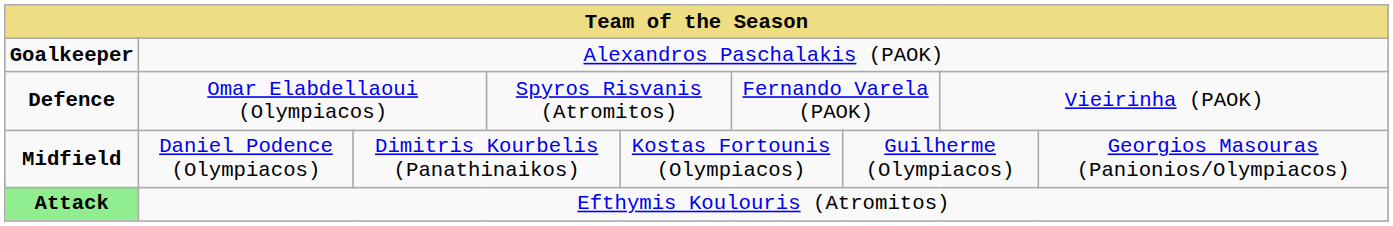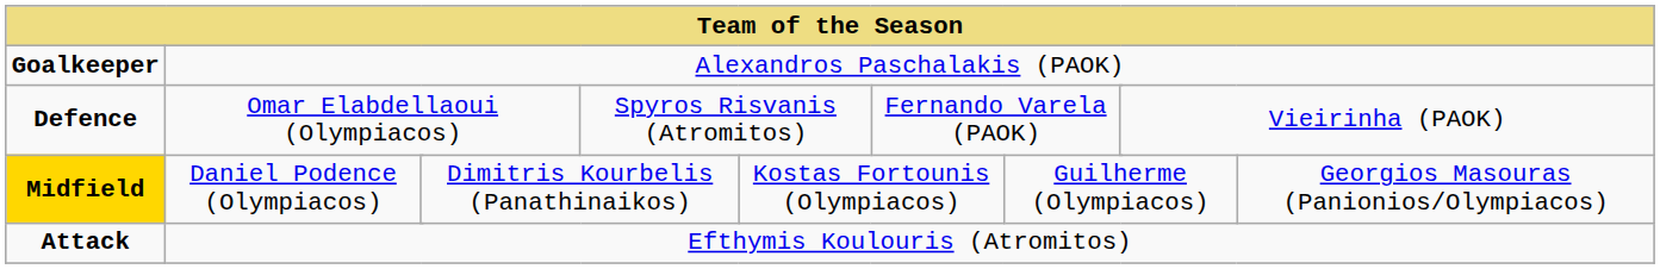 <table class="wikitable" style="text-align:center">
 <tr>
 <th colspan="21" style="background-color: #eedd82">Team of the Season</th>
 </tr>
 <tr>
 <td><strong>Goalkeeper</strong></td>
 <td colspan="20"> <a href='#'>Alexandros Paschalakis</a> (PAOK)</td>
 </tr>
 <tr>
 <td><strong>Defence</strong></td>
 <td colspan="5"> <a href='#'>Omar Elabdellaoui</a> (Olympiacos)</td>
 <td colspan="5"> <a href='#'>Spyros Risvanis</a> (Atromitos)</td>
 <td colspan="5"> <a href='#'>Fernando Varela</a> (PAOK)</td>
 <td colspan="5"> <a href='#'>Vieirinha</a> (PAOK)</td>
 </tr>
 <tr>
-<td><strong>Midfield</strong></td>
+<td style="background: gold;"><strong>Midfield</strong></td>
 <td colspan="4"> <a href='#'>Daniel Podence</a> (Olympiacos)</td>
 <td colspan="4"> <a href='#'>Dimitris Kourbelis</a> (Panathinaikos)</td>
 <td colspan="4"> <a href='#'>Kostas Fortounis</a> (Olympiacos)</td>
 <td colspan="4"> <a href='#'>Guilherme</a> (Olympiacos)</td>
 <td colspan="4"> <a href='#'>Georgios Masouras</a> (Panionios/Olympiacos)</td>
 </tr>
 <tr>
-<td style="background: lightgreen;"><strong>Attack</strong></td>
+<td><strong>Attack</strong></td>
 <td colspan="20"> <a href='#'>Efthymis Koulouris</a> (Atromitos)</td>
 </tr>
 </table>
